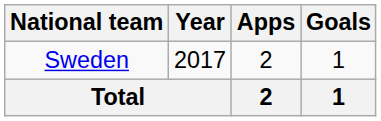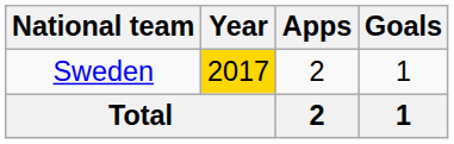 <table class="wikitable" style="text-align:center">
 <tr>
 <th>National team</th>
 <th>Year</th>
 <th>Apps</th>
 <th>Goals</th>
 </tr>
 <tr>
 <td><a href='#'>Sweden</a></td>
-<td>2017</td>
+<td style="background: gold;">2017</td>
 <td>2</td>
 <td>1</td>
 </tr>
 <tr>
 <th colspan="2">Total</th>
 <th>2</th>
 <th>1</th>
 </tr>
 </table>
